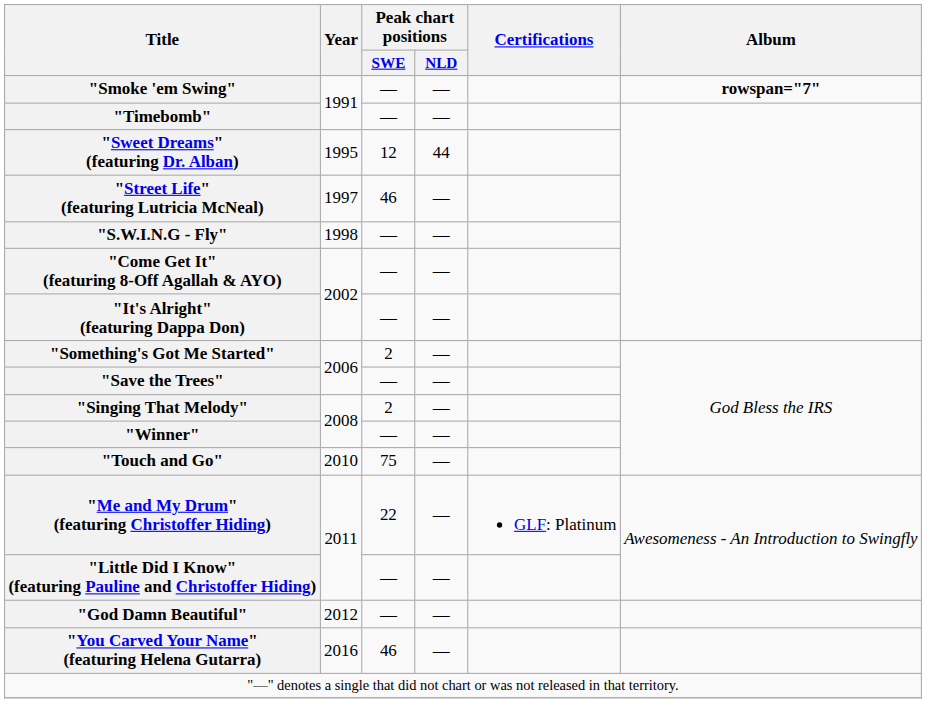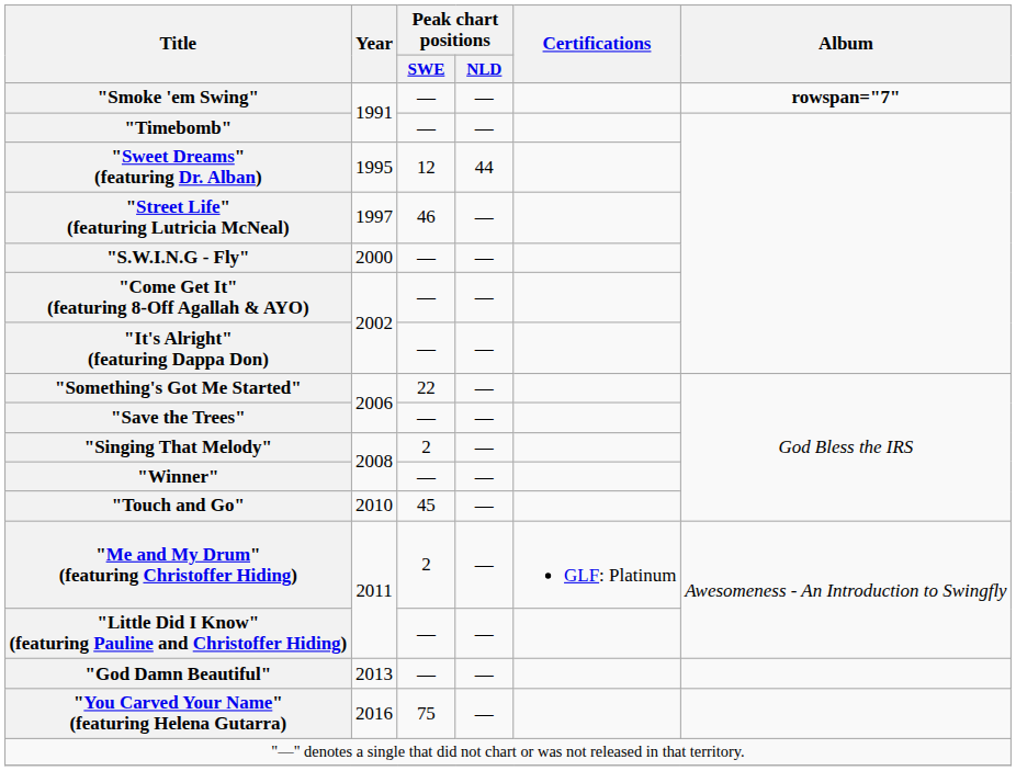 <table class="wikitable plainrowheaders" style="text-align:center;">
 <tr>
 <th scope="col" rowspan="2">Title</th>
 <th scope="col" rowspan="2">Year</th>
 <th scope="col" colspan="2">Peak chart positions</th>
 <th scope="col" rowspan="2"><a href='#'>Certifications</a></th>
 <th scope="col" rowspan="2">Album</th>
 </tr>
 <tr>
 <th scope="col" style="width:3em;font-size:90%;"><a href='#'>SWE</a><br></th>
 <th scope="col" style="width:3em;font-size:90%;"><a href='#'>NLD</a><br></th>
 </tr>
 <tr>
 <th scope="row">"Smoke 'em Swing"</th>
 <td rowspan="2">1991</td>
 <td>—</td>
 <td>—</td>
 <td></td>
 <td><strong>rowspan="7" </strong></td>
 </tr>
 <tr>
 <th scope="row">"Timebomb"</th>
 <td>—</td>
 <td>—</td>
 <td></td>
 </tr>
 <tr>
 <th scope="row">"<a href='#'>Sweet Dreams</a>"<br><span>(featuring <a href='#'>Dr. Alban</a>)</span></th>
 <td rowspan="1">1995</td>
 <td>12</td>
 <td>44</td>
 <td></td>
 </tr>
 <tr>
 <th scope="row">"<a href='#'>Street Life</a>"<br><span>(featuring Lutricia McNeal)</span></th>
 <td rowspan="1">1997</td>
 <td>46</td>
 <td>—</td>
 <td></td>
 </tr>
 <tr>
 <th scope="row">"S.W.I.N.G - Fly"</th>
-<td rowspan="1">1998</td>
+<td rowspan="1">2000</td>
 <td>—</td>
 <td>—</td>
 <td></td>
 </tr>
 <tr>
 <th scope="row">"Come Get It"<br><span>(featuring 8-Off Agallah & AYO)</span></th>
 <td rowspan="2">2002</td>
 <td>—</td>
 <td>—</td>
 <td></td>
 </tr>
 <tr>
 <th scope="row">"It's Alright"<br><span>(featuring Dappa Don)</span></th>
 <td>—</td>
 <td>—</td>
 <td></td>
 </tr>
 <tr>
 <th scope="row">"Something's Got Me Started"</th>
 <td rowspan="2">2006</td>
-<td>2</td>
+<td>22</td>
 <td>—</td>
 <td></td>
 <td rowspan="5"><em>God Bless the IRS</em></td>
 </tr>
 <tr>
 <th scope="row">"Save the Trees"</th>
 <td>—</td>
 <td>—</td>
 <td></td>
 </tr>
 <tr>
 <th scope="row">"Singing That Melody"</th>
 <td rowspan="2">2008</td>
 <td>2</td>
 <td>—</td>
 <td></td>
 </tr>
 <tr>
 <th scope="row">"Winner"</th>
 <td>—</td>
 <td>—</td>
 <td></td>
 </tr>
 <tr>
 <th scope="row">"Touch and Go"</th>
 <td rowspan="1">2010</td>
-<td>75</td>
+<td>45</td>
 <td>—</td>
 <td></td>
 </tr>
 <tr>
 <th scope="row">"<a href='#'>Me and My Drum</a>"<br><span>(featuring <a href='#'>Christoffer Hiding</a>)</span></th>
 <td rowspan="2">2011</td>
-<td>22</td>
+<td>2</td>
 <td>—</td>
 <td><br><ul><li><a href='#'>GLF</a>: Platinum</li></ul></td>
 <td rowspan="2"><em>Awesomeness - An Introduction to Swingfly</em></td>
 </tr>
 <tr>
 <th scope="row">"Little Did I Know"<br><span>(featuring <a href='#'>Pauline</a> and <a href='#'>Christoffer Hiding</a>)</span></th>
 <td>—</td>
 <td>—</td>
 <td></td>
 </tr>
 <tr>
 <th scope="row">"God Damn Beautiful"</th>
-<td rowspan="1">2012</td>
+<td rowspan="1">2013</td>
 <td>—</td>
 <td>—</td>
 <td></td>
 <td></td>
 </tr>
 <tr>
 <th scope="row">"<a href='#'>You Carved Your Name</a>"<br><span>(featuring Helena Gutarra)</span></th>
 <td rowspan="1">2016</td>
-<td>46</td>
+<td>75</td>
 <td>—</td>
 <td></td>
 <td></td>
 </tr>
 <tr>
 <td colspan="10" style="font-size:85%">"—" denotes a single that did not chart or was not released in that territory.</td>
 </tr>
 <tr>
 </tr>
 </table>
